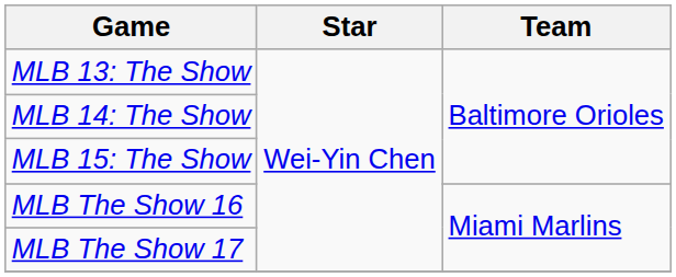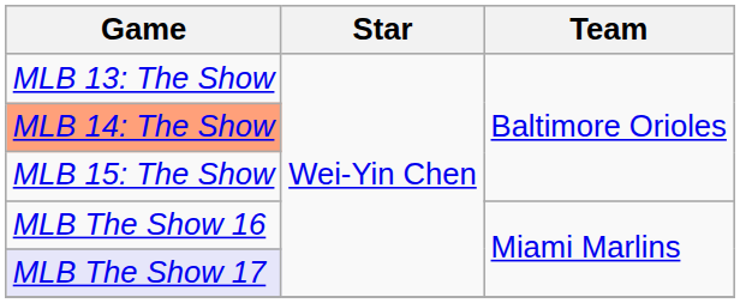 <table class="wikitable">
 <tr>
 <th>Game</th>
 <th>Star</th>
 <th>Team</th>
 </tr>
 <tr>
 <td><em><a href='#'>MLB 13: The Show</a></em></td>
 <td rowspan="5"><a href='#'>Wei-Yin Chen</a></td>
 <td rowspan="3"><a href='#'>Baltimore Orioles</a></td>
 </tr>
 <tr>
-<td><em><a href='#'>MLB 14: The Show</a></em></td>
+<td style="background: lightsalmon;"><em><a href='#'>MLB 14: The Show</a></em></td>
 </tr>
 <tr>
 <td><em><a href='#'>MLB 15: The Show</a></em></td>
 </tr>
 <tr>
 <td><em><a href='#'>MLB The Show 16</a></em></td>
 <td rowspan="2"><a href='#'>Miami Marlins</a></td>
 </tr>
 <tr>
-<td><em><a href='#'>MLB The Show 17</a></em></td>
+<td style="background: lavender;"><em><a href='#'>MLB The Show 17</a></em></td>
 </tr>
 <tr>
 </tr>
 </table>
